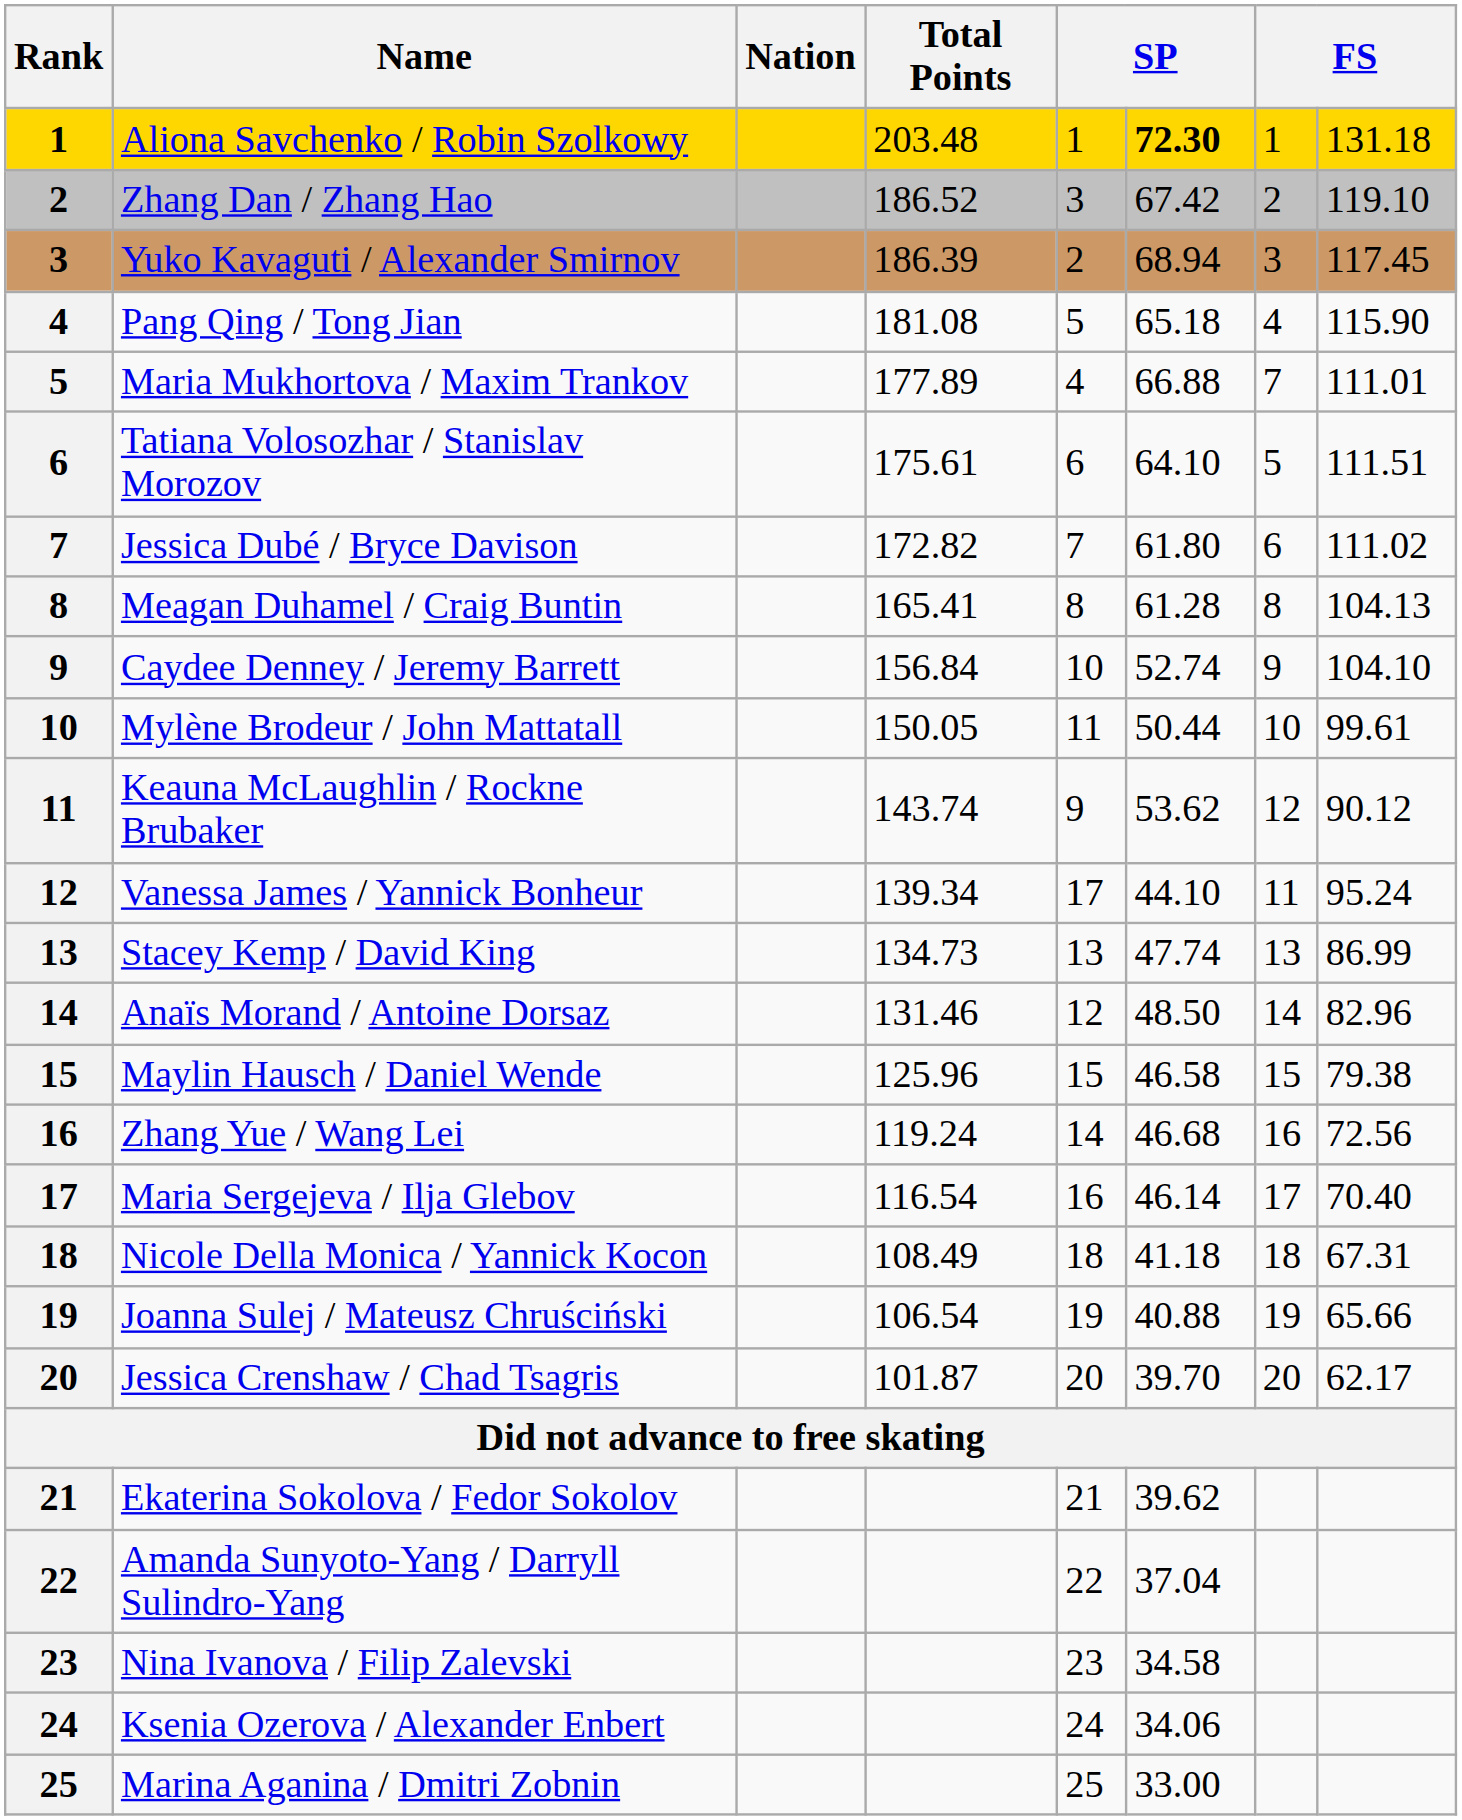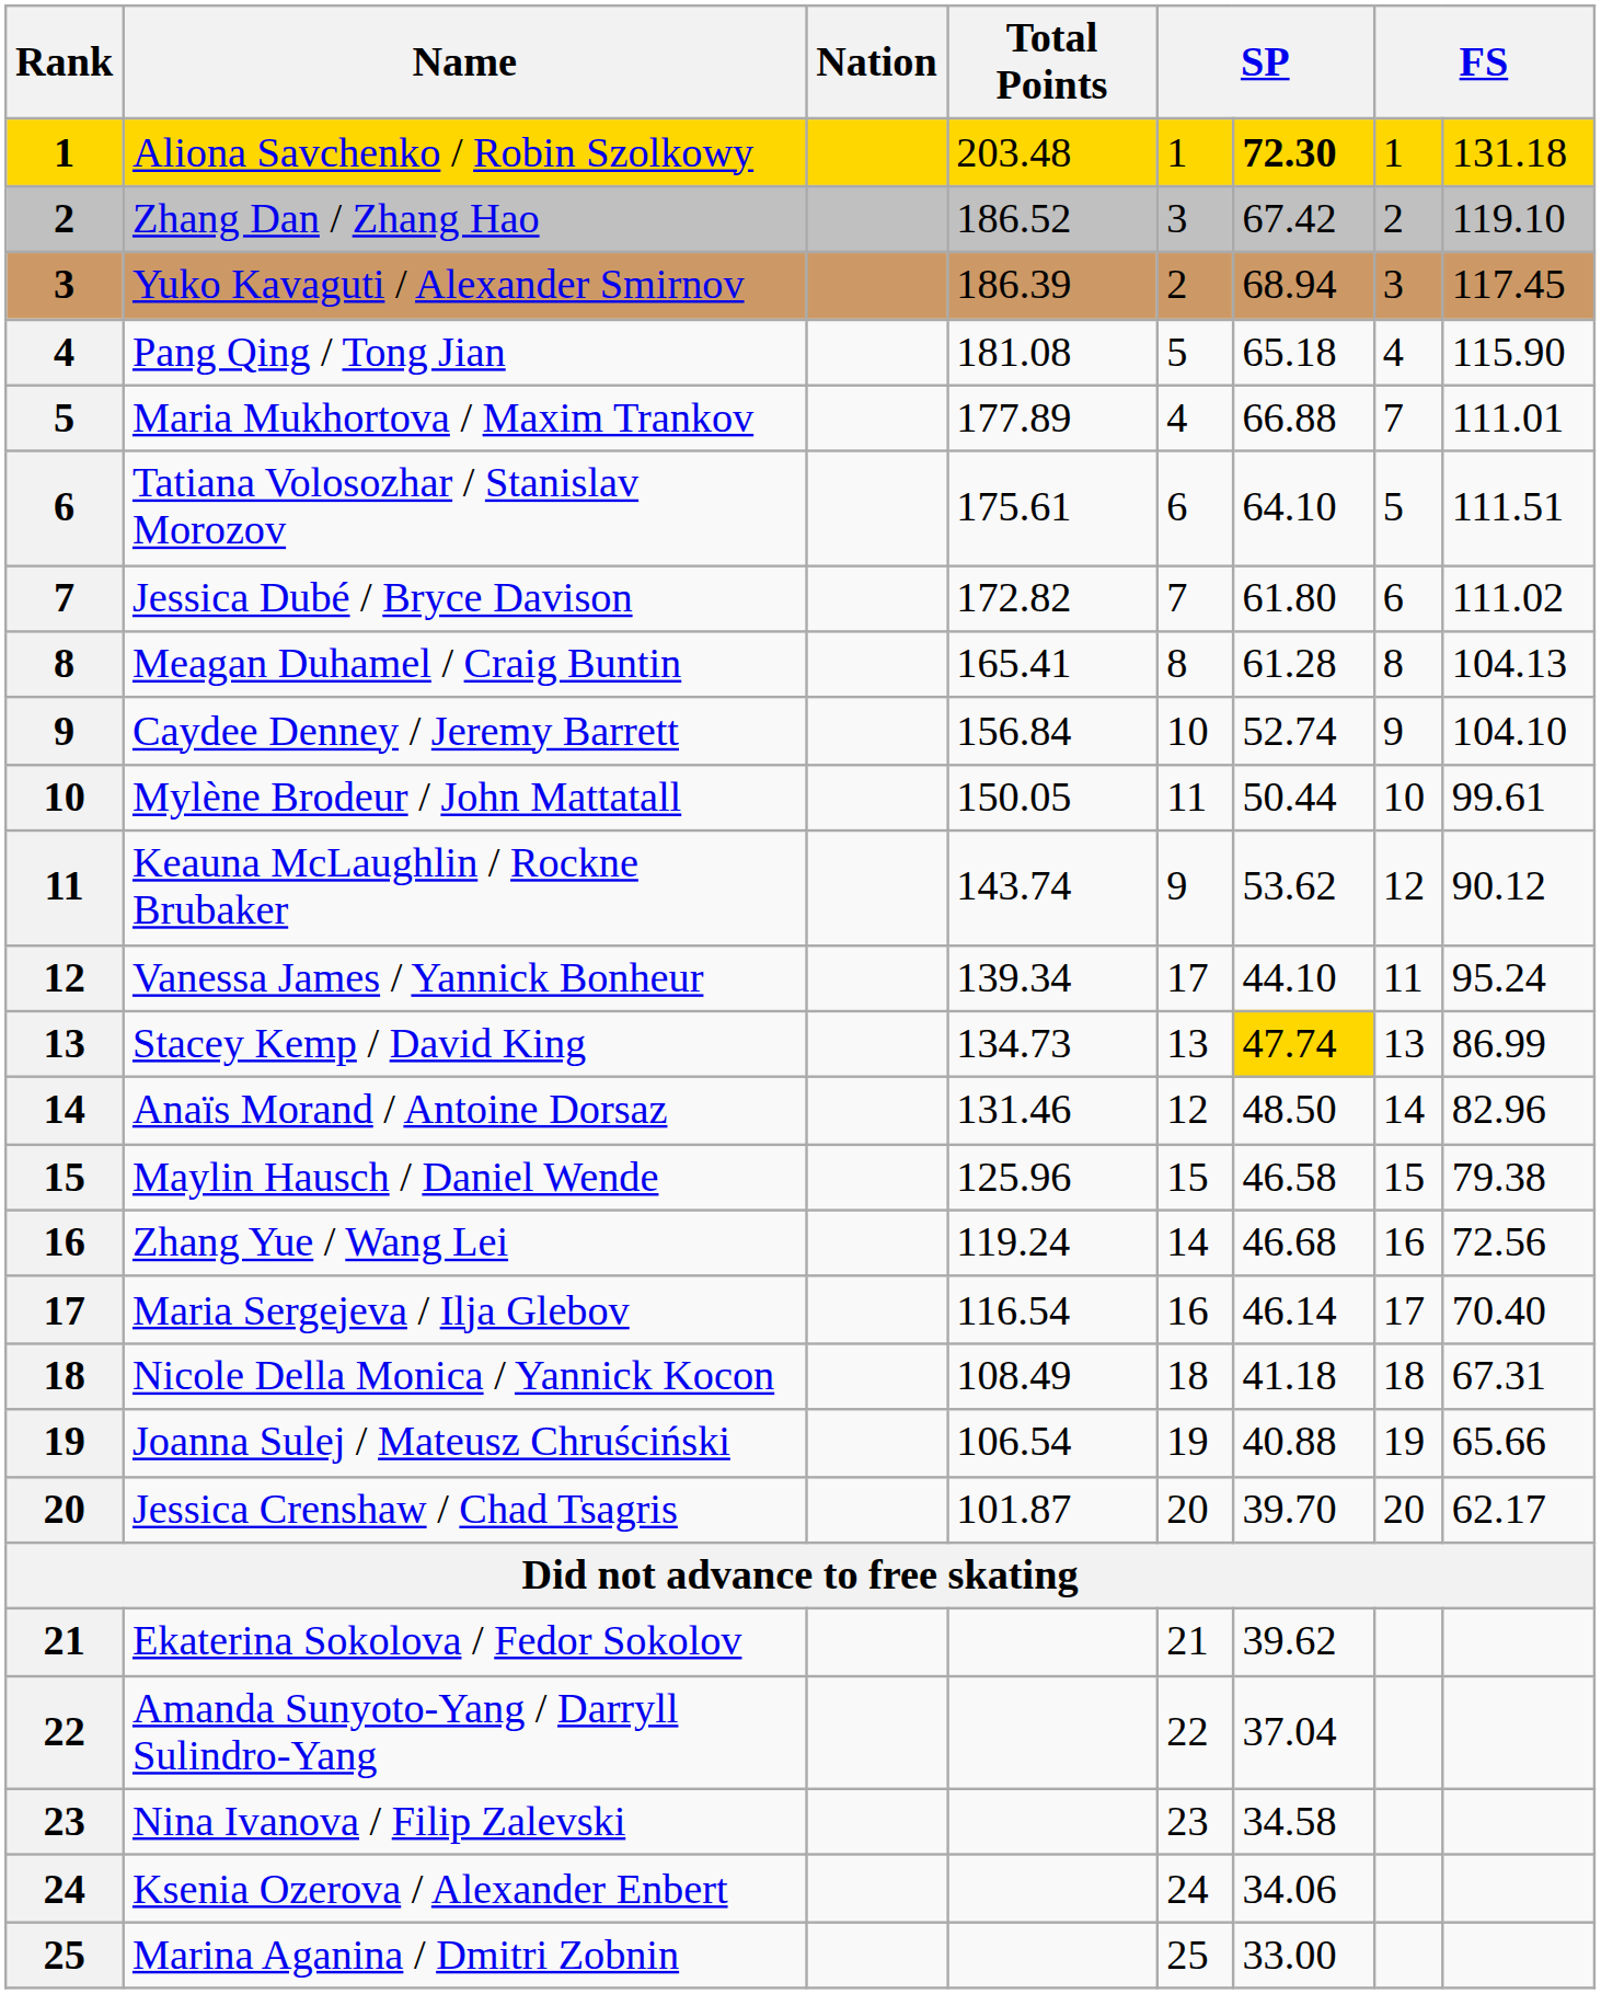 <table class="wikitable">
 <tr>
 <th>Rank</th>
 <th>Name</th>
 <th>Nation</th>
 <th>Total Points</th>
 <th colspan="2" width="80px"><a href='#'>SP</a></th>
 <th colspan="2" width="80px"><a href='#'>FS</a></th>
 </tr>
 <tr bgcolor="gold">
 <td align="center"><strong>1</strong></td>
 <td><a href='#'>Aliona Savchenko</a> / <a href='#'>Robin Szolkowy</a></td>
 <td></td>
 <td>203.48</td>
 <td>1</td>
 <td><strong>72.30</strong></td>
 <td>1</td>
 <td>131.18</td>
 </tr>
 <tr bgcolor="silver">
 <td align="center"><strong>2</strong></td>
 <td><a href='#'>Zhang Dan</a> / <a href='#'>Zhang Hao</a></td>
 <td></td>
 <td>186.52</td>
 <td>3</td>
 <td>67.42</td>
 <td>2</td>
 <td>119.10</td>
 </tr>
 <tr bgcolor="cc9966">
 <td align="center"><strong>3</strong></td>
 <td><a href='#'>Yuko Kavaguti</a> / <a href='#'>Alexander Smirnov</a></td>
 <td></td>
 <td>186.39</td>
 <td>2</td>
 <td>68.94</td>
 <td>3</td>
 <td>117.45</td>
 </tr>
 <tr>
 <th>4</th>
 <td><a href='#'>Pang Qing</a> / <a href='#'>Tong Jian</a></td>
 <td></td>
 <td>181.08</td>
 <td>5</td>
 <td>65.18</td>
 <td>4</td>
 <td>115.90</td>
 </tr>
 <tr>
 <th>5</th>
 <td><a href='#'>Maria Mukhortova</a> / <a href='#'>Maxim Trankov</a></td>
 <td></td>
 <td>177.89</td>
 <td>4</td>
 <td>66.88</td>
 <td>7</td>
 <td>111.01</td>
 </tr>
 <tr>
 <th>6</th>
 <td><a href='#'>Tatiana Volosozhar</a> / <a href='#'>Stanislav Morozov</a></td>
 <td></td>
 <td>175.61</td>
 <td>6</td>
 <td>64.10</td>
 <td>5</td>
 <td>111.51</td>
 </tr>
 <tr>
 <th>7</th>
 <td><a href='#'>Jessica Dubé</a> / <a href='#'>Bryce Davison</a></td>
 <td></td>
 <td>172.82</td>
 <td>7</td>
 <td>61.80</td>
 <td>6</td>
 <td>111.02</td>
 </tr>
 <tr>
 <th>8</th>
 <td><a href='#'>Meagan Duhamel</a> / <a href='#'>Craig Buntin</a></td>
 <td></td>
 <td>165.41</td>
 <td>8</td>
 <td>61.28</td>
 <td>8</td>
 <td>104.13</td>
 </tr>
 <tr>
 <th>9</th>
 <td><a href='#'>Caydee Denney</a> / <a href='#'>Jeremy Barrett</a></td>
 <td></td>
 <td>156.84</td>
 <td>10</td>
 <td>52.74</td>
 <td>9</td>
 <td>104.10</td>
 </tr>
 <tr>
 <th>10</th>
 <td><a href='#'>Mylène Brodeur</a> / <a href='#'>John Mattatall</a></td>
 <td></td>
 <td>150.05</td>
 <td>11</td>
 <td>50.44</td>
 <td>10</td>
 <td>99.61</td>
 </tr>
 <tr>
 <th>11</th>
 <td><a href='#'>Keauna McLaughlin</a> / <a href='#'>Rockne Brubaker</a></td>
 <td></td>
 <td>143.74</td>
 <td>9</td>
 <td>53.62</td>
 <td>12</td>
 <td>90.12</td>
 </tr>
 <tr>
 <th>12</th>
 <td><a href='#'>Vanessa James</a> / <a href='#'>Yannick Bonheur</a></td>
 <td></td>
 <td>139.34</td>
 <td>17</td>
 <td>44.10</td>
 <td>11</td>
 <td>95.24</td>
 </tr>
 <tr>
 <th>13</th>
 <td><a href='#'>Stacey Kemp</a> / <a href='#'>David King</a></td>
 <td></td>
 <td>134.73</td>
 <td>13</td>
-<td>47.74</td>
+<td style="background: gold;">47.74</td>
 <td>13</td>
 <td>86.99</td>
 </tr>
 <tr>
 <th>14</th>
 <td><a href='#'>Anaïs Morand</a> / <a href='#'>Antoine Dorsaz</a></td>
 <td></td>
 <td>131.46</td>
 <td>12</td>
 <td>48.50</td>
 <td>14</td>
 <td>82.96</td>
 </tr>
 <tr>
 <th>15</th>
 <td><a href='#'>Maylin Hausch</a> / <a href='#'>Daniel Wende</a></td>
 <td></td>
 <td>125.96</td>
 <td>15</td>
 <td>46.58</td>
 <td>15</td>
 <td>79.38</td>
 </tr>
 <tr>
 <th>16</th>
 <td><a href='#'>Zhang Yue</a> / <a href='#'>Wang Lei</a></td>
 <td></td>
 <td>119.24</td>
 <td>14</td>
 <td>46.68</td>
 <td>16</td>
 <td>72.56</td>
 </tr>
 <tr>
 <th>17</th>
 <td><a href='#'>Maria Sergejeva</a> / <a href='#'>Ilja Glebov</a></td>
 <td></td>
 <td>116.54</td>
 <td>16</td>
 <td>46.14</td>
 <td>17</td>
 <td>70.40</td>
 </tr>
 <tr>
 <th>18</th>
 <td><a href='#'>Nicole Della Monica</a> / <a href='#'>Yannick Kocon</a></td>
 <td></td>
 <td>108.49</td>
 <td>18</td>
 <td>41.18</td>
 <td>18</td>
 <td>67.31</td>
 </tr>
 <tr>
 <th>19</th>
 <td><a href='#'>Joanna Sulej</a> / <a href='#'>Mateusz Chruściński</a></td>
 <td></td>
 <td>106.54</td>
 <td>19</td>
 <td>40.88</td>
 <td>19</td>
 <td>65.66</td>
 </tr>
 <tr>
 <th>20</th>
 <td><a href='#'>Jessica Crenshaw</a> / <a href='#'>Chad Tsagris</a></td>
 <td></td>
 <td>101.87</td>
 <td>20</td>
 <td>39.70</td>
 <td>20</td>
 <td>62.17</td>
 </tr>
 <tr>
 <th colspan=8>Did not advance to free skating</th>
 </tr>
 <tr>
 <th>21</th>
 <td><a href='#'>Ekaterina Sokolova</a> / <a href='#'>Fedor Sokolov</a></td>
 <td></td>
 <td></td>
 <td>21</td>
 <td>39.62</td>
 <td></td>
 <td></td>
 </tr>
 <tr>
 <th>22</th>
 <td><a href='#'>Amanda Sunyoto-Yang</a> / <a href='#'>Darryll Sulindro-Yang</a></td>
 <td></td>
 <td></td>
 <td>22</td>
 <td>37.04</td>
 <td></td>
 <td></td>
 </tr>
 <tr>
 <th>23</th>
 <td><a href='#'>Nina Ivanova</a> / <a href='#'>Filip Zalevski</a></td>
 <td></td>
 <td></td>
 <td>23</td>
 <td>34.58</td>
 <td></td>
 <td></td>
 </tr>
 <tr>
 <th>24</th>
 <td><a href='#'>Ksenia Ozerova</a> / <a href='#'>Alexander Enbert</a></td>
 <td></td>
 <td></td>
 <td>24</td>
 <td>34.06</td>
 <td></td>
 <td></td>
 </tr>
 <tr>
 <th>25</th>
 <td><a href='#'>Marina Aganina</a> / <a href='#'>Dmitri Zobnin</a></td>
 <td></td>
 <td></td>
 <td>25</td>
 <td>33.00</td>
 <td></td>
 <td></td>
 </tr>
 </table>
